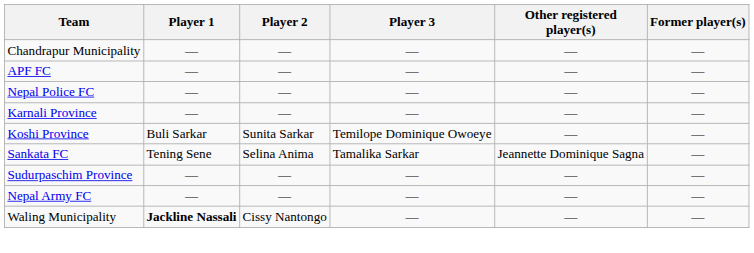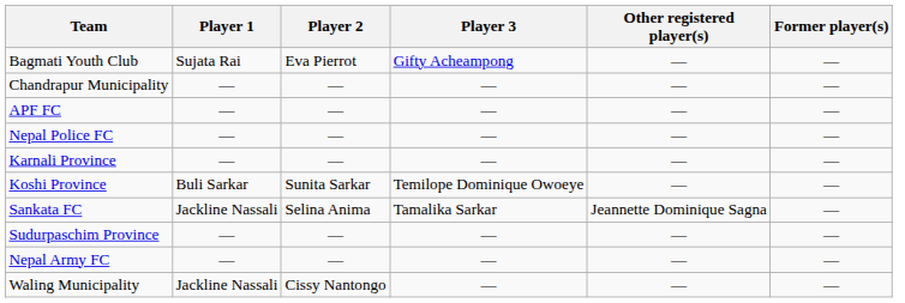 <table class="sortable wikitable" style="text-align: left">
 <tr>
 <th style="text-align:center;">Team</th>
 <th style="text-align:center;">Player 1</th>
 <th style="text-align:center;">Player 2</th>
 <th style="text-align:center;">Player 3</th>
 <th style="text-align:center;">Other registered<br>player(s)</th>
 <th style="text-align:center;">Former player(s)</th>
+</tr>
+<tr>
+<td>Bagmati Youth Club</td>
+<td> Sujata Rai</td>
+<td> Eva Pierrot</td>
+<td> <a href='#'>Gifty Acheampong</a></td>
+<td style="text-align: center;">—</td>
+<td style="text-align: center;">—</td>
 </tr>
 <tr>
 <td>Chandrapur Municipality</td>
 <td style="text-align: center;">—</td>
 <td style="text-align: center;">—</td>
 <td style="text-align: center;">—</td>
 <td style="text-align: center;">—</td>
 <td style="text-align: center;">—</td>
 </tr>
 <tr>
 <td><a href='#'>APF FC</a></td>
 <td style="text-align: center;">—</td>
 <td style="text-align: center;">—</td>
 <td style="text-align: center;">—</td>
 <td style="text-align: center;">—</td>
 <td style="text-align: center;">—</td>
 </tr>
 <tr>
 <td><a href='#'>Nepal Police FC</a></td>
 <td style="text-align: center;">—</td>
 <td style="text-align: center;">—</td>
 <td style="text-align: center;">—</td>
 <td style="text-align: center;">—</td>
 <td style="text-align: center;">—</td>
 </tr>
 <tr>
 <td><a href='#'>Karnali Province</a></td>
 <td style="text-align: center;">—</td>
 <td style="text-align: center;">—</td>
 <td style="text-align: center;">—</td>
 <td style="text-align: center;">—</td>
 <td style="text-align: center;">—</td>
 </tr>
 <tr>
 <td><a href='#'>Koshi Province</a></td>
 <td> Buli Sarkar</td>
 <td> Sunita Sarkar</td>
 <td> Temilope Dominique Owoeye</td>
 <td style="text-align: center;">—</td>
 <td style="text-align: center;">—</td>
 </tr>
 <tr>
 <td><a href='#'>Sankata FC</a></td>
-<td> Tening Sene</td>
+<td> Jackline Nassali</td>
 <td> Selina Anima</td>
 <td> Tamalika Sarkar</td>
 <td> Jeannette Dominique Sagna</td>
 <td style="text-align: center;">—</td>
 </tr>
 <tr>
 <td><a href='#'>Sudurpaschim Province</a></td>
 <td style="text-align: center;">—</td>
 <td style="text-align: center;">—</td>
 <td style="text-align: center;">—</td>
 <td style="text-align: center;">—</td>
 <td style="text-align: center;">—</td>
 </tr>
 <tr>
 <td><a href='#'>Nepal Army FC</a></td>
 <td style="text-align: center;">—</td>
 <td style="text-align: center;">—</td>
 <td style="text-align: center;">—</td>
 <td style="text-align: center;">—</td>
 <td style="text-align: center;">—</td>
 </tr>
 <tr>
 <td>Waling Municipality</td>
-<td><strong> Jackline Nassali</strong></td>
+<td> Jackline Nassali</td>
 <td> Cissy Nantongo</td>
 <td style="text-align: center;">—</td>
 <td style="text-align: center;">—</td>
 <td style="text-align: center;">—</td>
 </tr>
 </table>
